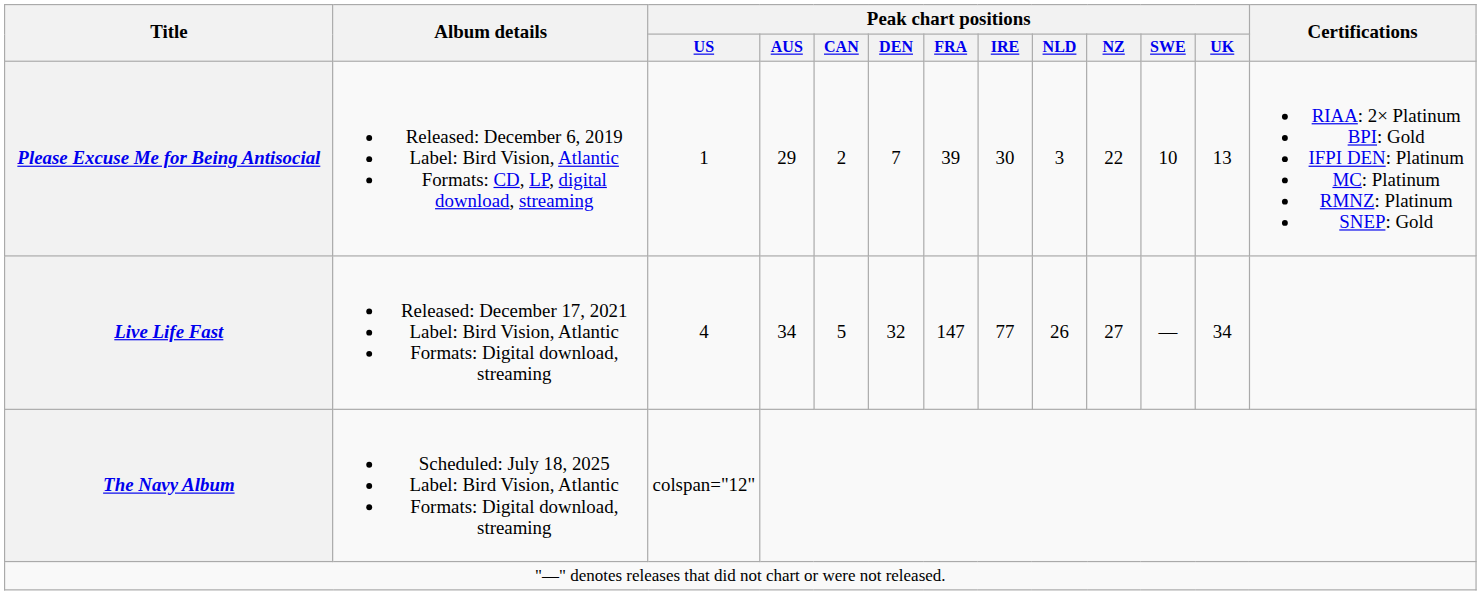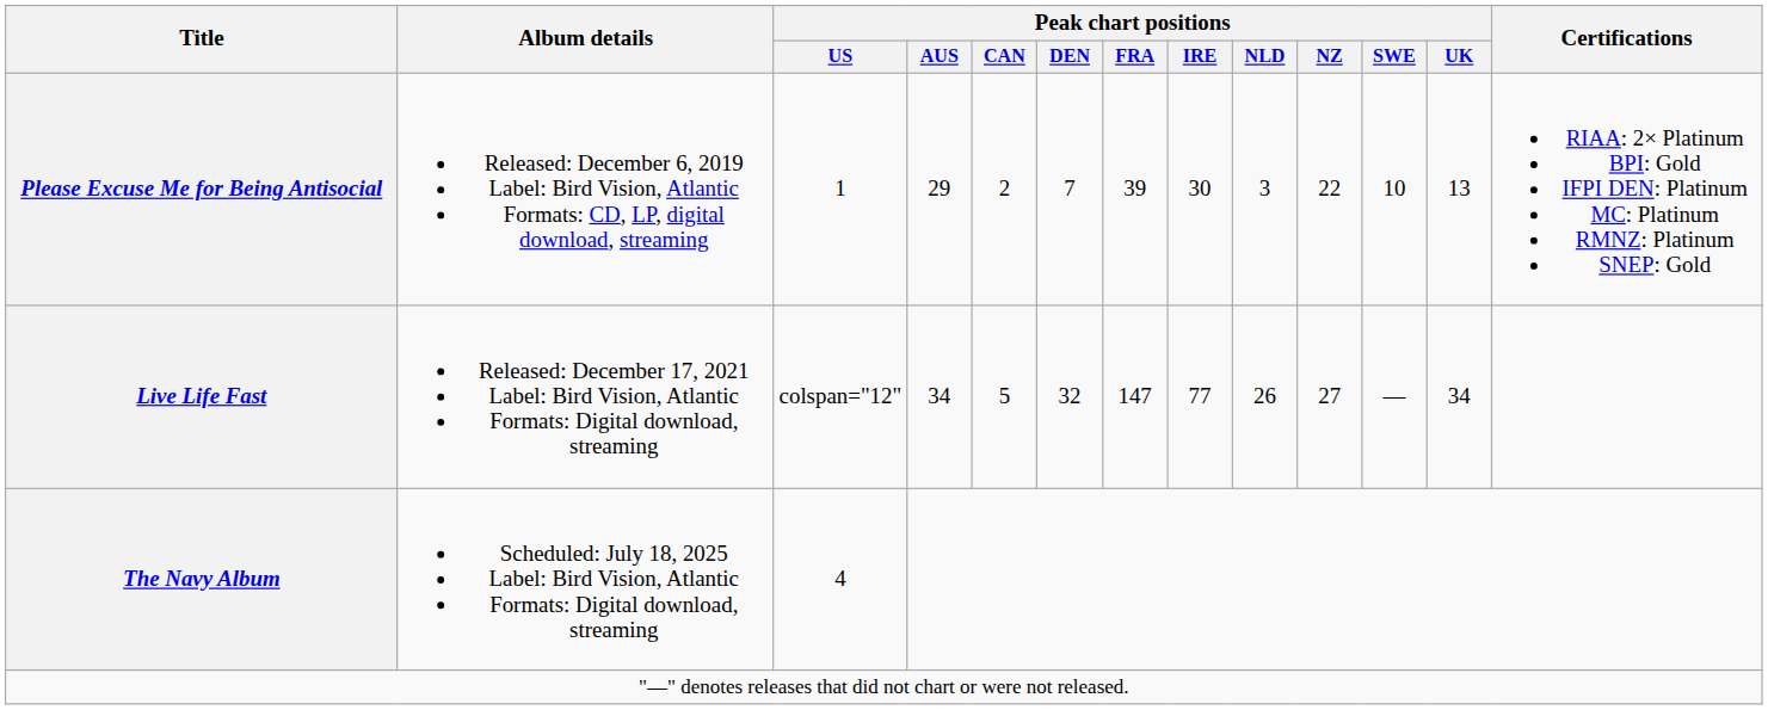 <table class="wikitable plainrowheaders" style="text-align:center">
 <tr>
 <th scope="col" rowspan="2" style="width:18em;">Title</th>
 <th scope="col" rowspan="2" style="width:17em;">Album details</th>
 <th scope="col" colspan="10">Peak chart positions</th>
 <th scope="col" rowspan="2" style="width:12em;">Certifications</th>
 </tr>
 <tr>
 <th scope="col" style="width:3em;font-size:85%;"><a href='#'>US</a><br></th>
 <th scope="col" style="width:3em;font-size:85%;"><a href='#'>AUS</a><br></th>
 <th scope="col" style="width:3em;font-size:85%;"><a href='#'>CAN</a><br></th>
 <th scope="col" style="width:3em;font-size:85%;"><a href='#'>DEN</a><br></th>
 <th scope="col" style="width:3em;font-size:85%;"><a href='#'>FRA</a><br></th>
 <th scope="col" style="width:3em;font-size:85%;"><a href='#'>IRE</a><br></th>
 <th scope="col" style="width:3em;font-size:85%;"><a href='#'>NLD</a><br></th>
 <th scope="col" style="width:3em;font-size:85%;"><a href='#'>NZ</a><br></th>
 <th scope="col" style="width:3em;font-size:85%;"><a href='#'>SWE</a><br></th>
 <th scope="col" style="width:3em;font-size:85%;"><a href='#'>UK</a><br></th>
 </tr>
 <tr>
 <th scope="row"><em><a href='#'>Please Excuse Me for Being Antisocial</a></em></th>
 <td><br><ul><li>Released: December 6, 2019</li><li>Label: Bird Vision, <a href='#'>Atlantic</a></li><li>Formats: <a href='#'>CD</a>, <a href='#'>LP</a>, <a href='#'>digital download</a>, <a href='#'>streaming</a></li></ul></td>
 <td>1</td>
 <td>29</td>
 <td>2</td>
 <td>7</td>
 <td>39</td>
 <td>30</td>
 <td>3</td>
 <td>22</td>
 <td>10</td>
 <td>13</td>
 <td><br><ul><li><a href='#'>RIAA</a>: 2× Platinum</li><li><a href='#'>BPI</a>: Gold</li><li><a href='#'>IFPI DEN</a>: Platinum</li><li><a href='#'>MC</a>: Platinum</li><li><a href='#'>RMNZ</a>: Platinum</li><li><a href='#'>SNEP</a>: Gold</li></ul></td>
 </tr>
 <tr>
 <th scope="row"><em><a href='#'>Live Life Fast</a></em></th>
 <td><br><ul><li>Released: December 17, 2021</li><li>Label: Bird Vision, Atlantic</li><li>Formats: Digital download, streaming</li></ul></td>
-<td>4</td>
+<td>colspan="12" </td>
 <td>34</td>
 <td>5</td>
 <td>32</td>
 <td>147</td>
 <td>77</td>
 <td>26</td>
 <td>27</td>
 <td>—</td>
 <td>34</td>
 <td></td>
 </tr>
 <tr>
 <th scope="row"><em><a href='#'>The Navy Album</a></em></th>
 <td><br><ul><li>Scheduled: July 18, 2025</li><li>Label: Bird Vision, Atlantic</li><li>Formats: Digital download, streaming</li></ul></td>
-<td>colspan="12" </td>
+<td>4</td>
 </tr>
 <tr>
 <td colspan="13" style="text-align:center; font-size:90%;">"—" denotes releases that did not chart or were not released.</td>
 </tr>
 </table>
